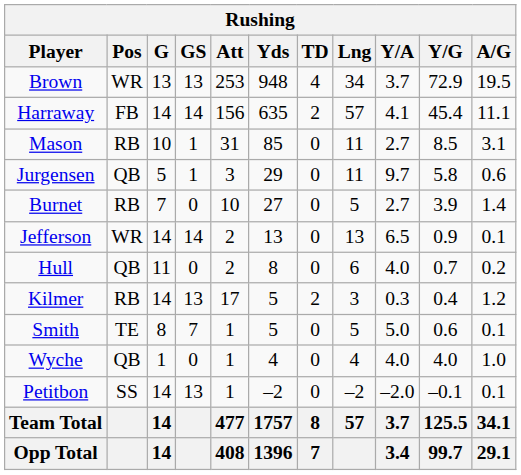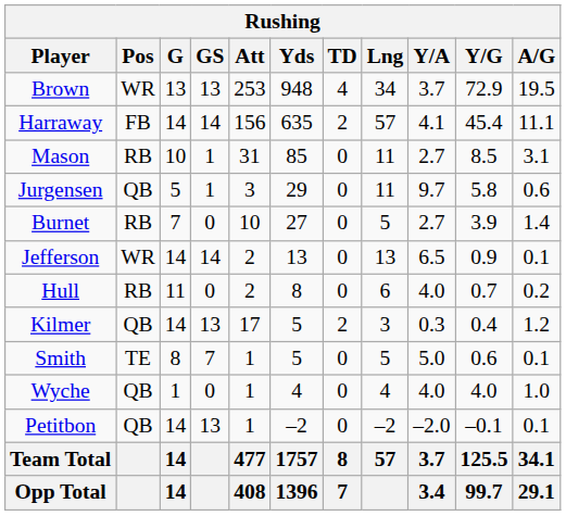 <table class="wikitable" style="text-align:center">
 <tr>
 <th colspan="11">Rushing</th>
 </tr>
 <tr>
 <th>Player</th>
 <th>Pos</th>
 <th>G</th>
 <th>GS</th>
 <th>Att</th>
 <th>Yds</th>
 <th>TD</th>
 <th>Lng</th>
 <th>Y/A</th>
 <th>Y/G</th>
 <th>A/G</th>
 </tr>
 <tr>
 <td><a href='#'>Brown</a></td>
 <td>WR</td>
 <td>13</td>
 <td>13</td>
 <td>253</td>
 <td>948</td>
 <td>4</td>
 <td>34</td>
 <td>3.7</td>
 <td>72.9</td>
 <td>19.5</td>
 </tr>
 <tr>
 <td><a href='#'>Harraway</a></td>
 <td>FB</td>
 <td>14</td>
 <td>14</td>
 <td>156</td>
 <td>635</td>
 <td>2</td>
 <td>57</td>
 <td>4.1</td>
 <td>45.4</td>
 <td>11.1</td>
 </tr>
 <tr>
 <td><a href='#'>Mason</a></td>
 <td>RB</td>
 <td>10</td>
 <td>1</td>
 <td>31</td>
 <td>85</td>
 <td>0</td>
 <td>11</td>
 <td>2.7</td>
 <td>8.5</td>
 <td>3.1</td>
 </tr>
 <tr>
 <td><a href='#'>Jurgensen</a></td>
 <td>QB</td>
 <td>5</td>
 <td>1</td>
 <td>3</td>
 <td>29</td>
 <td>0</td>
 <td>11</td>
 <td>9.7</td>
 <td>5.8</td>
 <td>0.6</td>
 </tr>
 <tr>
 <td><a href='#'>Burnet</a></td>
 <td>RB</td>
 <td>7</td>
 <td>0</td>
 <td>10</td>
 <td>27</td>
 <td>0</td>
 <td>5</td>
 <td>2.7</td>
 <td>3.9</td>
 <td>1.4</td>
 </tr>
 <tr>
 <td><a href='#'>Jefferson</a></td>
 <td>WR</td>
 <td>14</td>
 <td>14</td>
 <td>2</td>
 <td>13</td>
 <td>0</td>
 <td>13</td>
 <td>6.5</td>
 <td>0.9</td>
 <td>0.1</td>
 </tr>
 <tr>
 <td><a href='#'>Hull</a></td>
-<td>QB</td>
+<td>RB</td>
 <td>11</td>
 <td>0</td>
 <td>2</td>
 <td>8</td>
 <td>0</td>
 <td>6</td>
 <td>4.0</td>
 <td>0.7</td>
 <td>0.2</td>
 </tr>
 <tr>
 <td><a href='#'>Kilmer</a></td>
-<td>RB</td>
+<td>QB</td>
 <td>14</td>
 <td>13</td>
 <td>17</td>
 <td>5</td>
 <td>2</td>
 <td>3</td>
 <td>0.3</td>
 <td>0.4</td>
 <td>1.2</td>
 </tr>
 <tr>
 <td><a href='#'>Smith</a></td>
 <td>TE</td>
 <td>8</td>
 <td>7</td>
 <td>1</td>
 <td>5</td>
 <td>0</td>
 <td>5</td>
 <td>5.0</td>
 <td>0.6</td>
 <td>0.1</td>
 </tr>
 <tr>
 <td><a href='#'>Wyche</a></td>
 <td>QB</td>
 <td>1</td>
 <td>0</td>
 <td>1</td>
 <td>4</td>
 <td>0</td>
 <td>4</td>
 <td>4.0</td>
 <td>4.0</td>
 <td>1.0</td>
 </tr>
 <tr>
 <td><a href='#'>Petitbon</a></td>
-<td>SS</td>
+<td>QB</td>
 <td>14</td>
 <td>13</td>
 <td>1</td>
 <td>–2</td>
 <td>0</td>
 <td>–2</td>
 <td>–2.0</td>
 <td>–0.1</td>
 <td>0.1</td>
 </tr>
 <tr>
 <th>Team Total</th>
 <th></th>
 <th>14</th>
 <th></th>
 <th>477</th>
 <th>1757</th>
 <th>8</th>
 <th>57</th>
 <th>3.7</th>
 <th>125.5</th>
 <th>34.1</th>
 </tr>
 <tr>
 <th>Opp Total</th>
 <th></th>
 <th>14</th>
 <th></th>
 <th>408</th>
 <th>1396</th>
 <th>7</th>
 <th></th>
 <th>3.4</th>
 <th>99.7</th>
 <th>29.1</th>
 </tr>
 </table>
